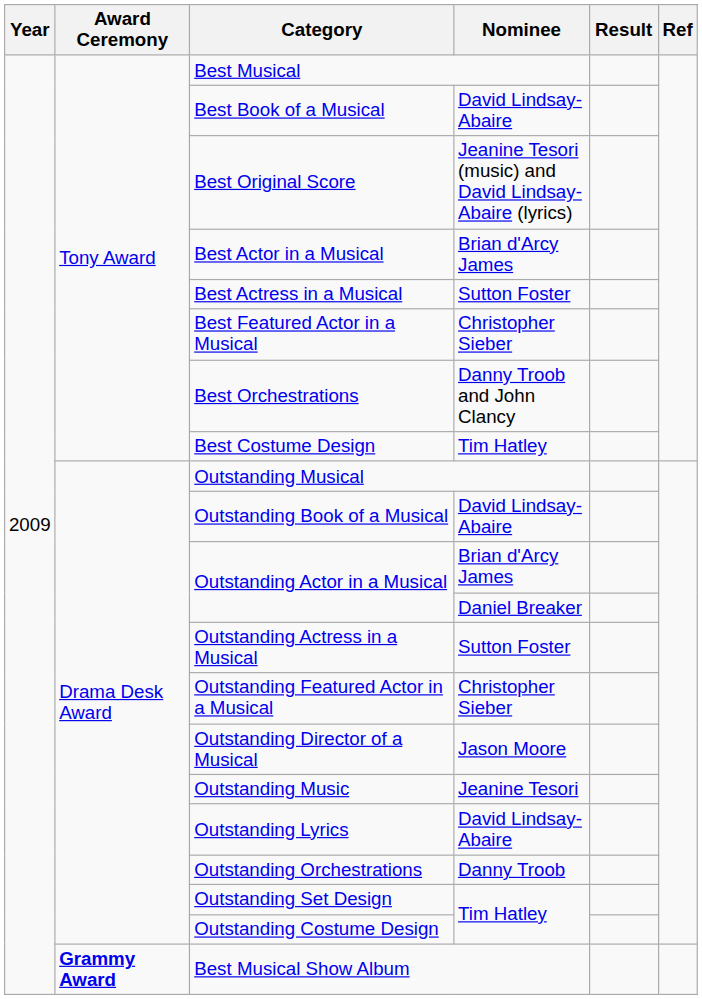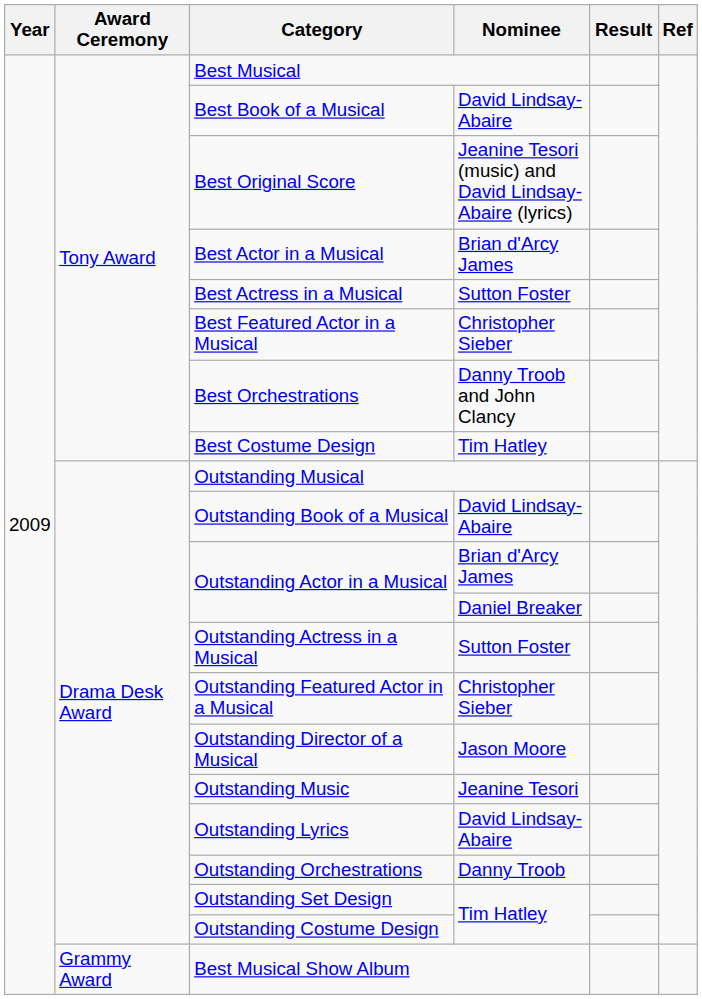 <table class="wikitable" width="95%">
 <tr>
 <th width="5%">Year</th>
 <th width="20%">Award Ceremony</th>
 <th width="40%">Category</th>
 <th width="20%">Nominee</th>
 <th width="10%">Result</th>
 <th width="5%">Ref</th>
 </tr>
 <tr>
 <td rowspan="21" align="center">2009</td>
 <td rowspan="8"><a href='#'>Tony Award</a></td>
 <td colspan="2"><a href='#'>Best Musical</a></td>
 <td></td>
 <td rowspan="8" align="center"></td>
 </tr>
 <tr>
 <td><a href='#'>Best Book of a Musical</a></td>
 <td><a href='#'>David Lindsay-Abaire</a></td>
 <td></td>
 </tr>
 <tr>
 <td><a href='#'>Best Original Score</a></td>
 <td><a href='#'>Jeanine Tesori</a> (music) and <a href='#'>David Lindsay-Abaire</a> (lyrics)</td>
 <td></td>
 </tr>
 <tr>
 <td><a href='#'>Best Actor in a Musical</a></td>
 <td><a href='#'>Brian d'Arcy James</a></td>
 <td></td>
 </tr>
 <tr>
 <td><a href='#'>Best Actress in a Musical</a></td>
 <td><a href='#'>Sutton Foster</a></td>
 <td></td>
 </tr>
 <tr>
 <td><a href='#'>Best Featured Actor in a Musical</a></td>
 <td><a href='#'>Christopher Sieber</a></td>
 <td></td>
 </tr>
 <tr>
 <td><a href='#'>Best Orchestrations</a></td>
 <td><a href='#'>Danny Troob</a> and John Clancy</td>
 <td></td>
 </tr>
 <tr>
 <td><a href='#'>Best Costume Design</a></td>
 <td><a href='#'>Tim Hatley</a></td>
 <td></td>
 </tr>
 <tr>
 <td rowspan="12"><a href='#'>Drama Desk Award</a></td>
 <td colspan="2"><a href='#'>Outstanding Musical</a></td>
 <td></td>
 <td rowspan="12" align="center"></td>
 </tr>
 <tr>
 <td><a href='#'>Outstanding Book of a Musical</a></td>
 <td><a href='#'>David Lindsay-Abaire</a></td>
 <td></td>
 </tr>
 <tr>
 <td rowspan="2"><a href='#'>Outstanding Actor in a Musical</a></td>
 <td><a href='#'>Brian d'Arcy James</a></td>
 <td></td>
 </tr>
 <tr>
 <td><a href='#'>Daniel Breaker</a></td>
 <td></td>
 </tr>
 <tr>
 <td><a href='#'>Outstanding Actress in a Musical</a></td>
 <td><a href='#'>Sutton Foster</a></td>
 <td></td>
 </tr>
 <tr>
 <td><a href='#'>Outstanding Featured Actor in a Musical</a></td>
 <td><a href='#'>Christopher Sieber</a></td>
 <td></td>
 </tr>
 <tr>
 <td><a href='#'>Outstanding Director of a Musical</a></td>
 <td><a href='#'>Jason Moore</a></td>
 <td></td>
 </tr>
 <tr>
 <td><a href='#'>Outstanding Music</a></td>
 <td><a href='#'>Jeanine Tesori</a></td>
 <td></td>
 </tr>
 <tr>
 <td><a href='#'>Outstanding Lyrics</a></td>
 <td><a href='#'>David Lindsay-Abaire</a></td>
 <td></td>
 </tr>
 <tr>
 <td><a href='#'>Outstanding Orchestrations</a></td>
 <td><a href='#'>Danny Troob</a></td>
 <td></td>
 </tr>
 <tr>
 <td><a href='#'>Outstanding Set Design</a></td>
 <td rowspan="2"><a href='#'>Tim Hatley</a></td>
 <td></td>
 </tr>
 <tr>
 <td><a href='#'>Outstanding Costume Design</a></td>
 <td></td>
 </tr>
 <tr>
-<td><strong><a href='#'>Grammy Award</a></strong></td>
+<td><a href='#'>Grammy Award</a></td>
 <td colspan="2"><a href='#'>Best Musical Show Album</a></td>
 <td></td>
 <td align="center"></td>
 </tr>
 </table>
